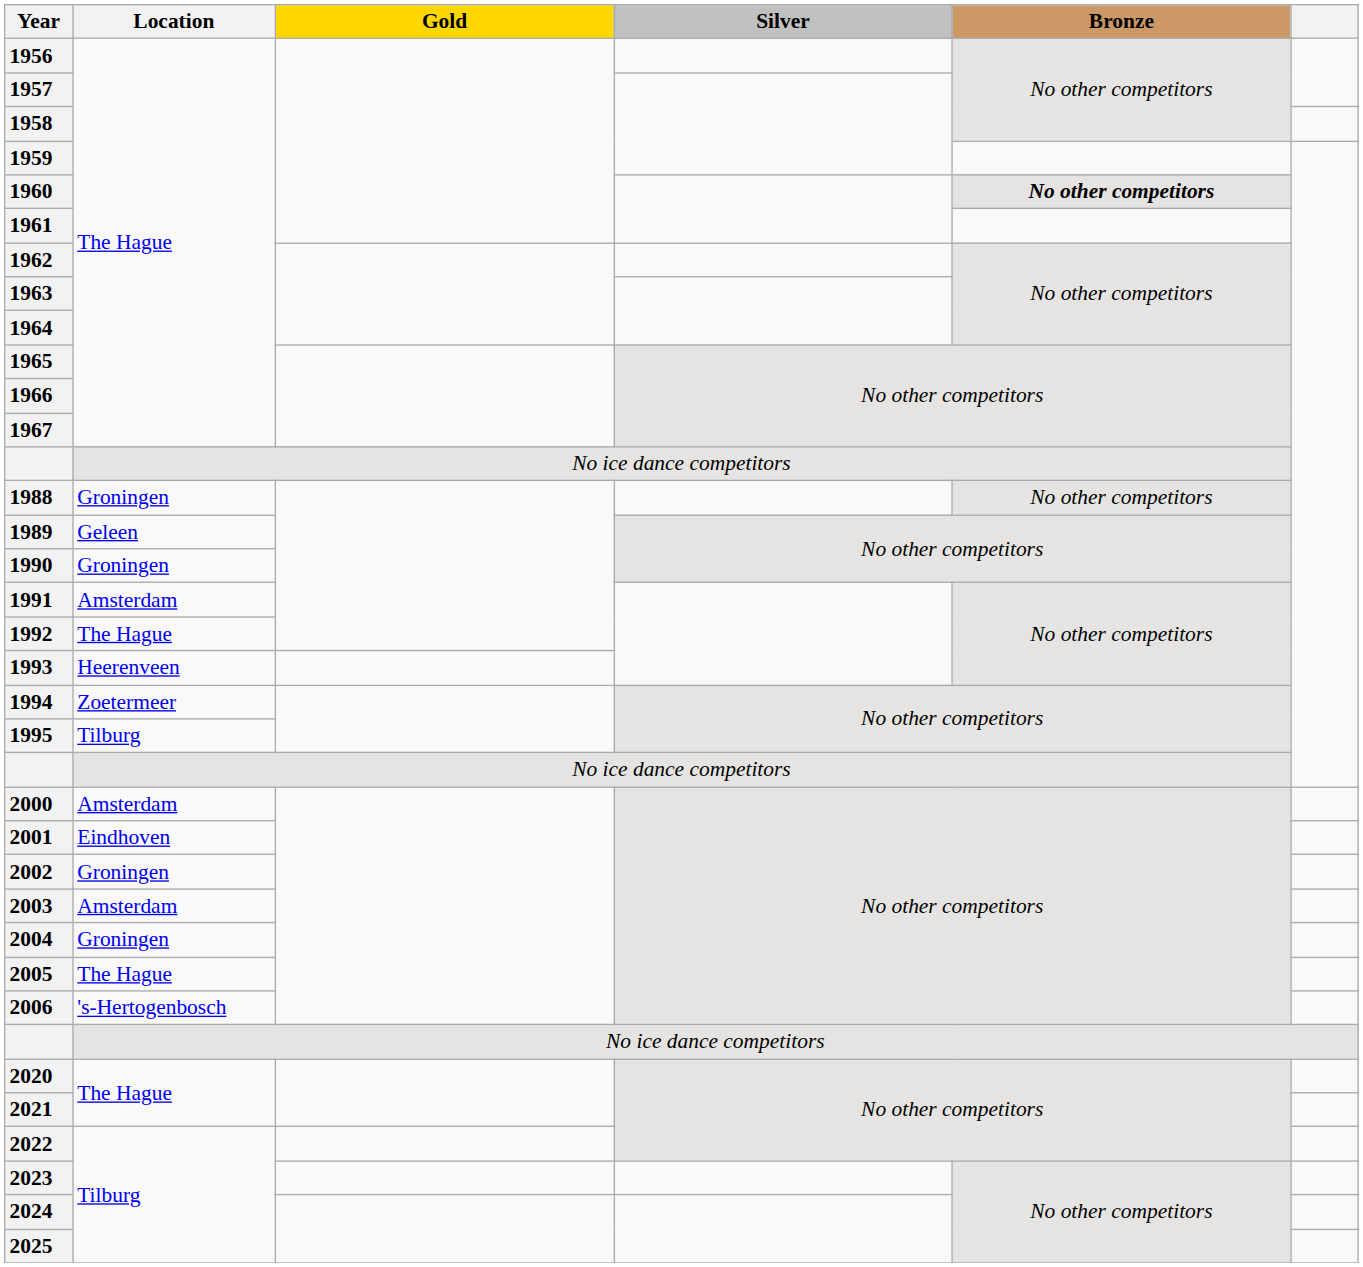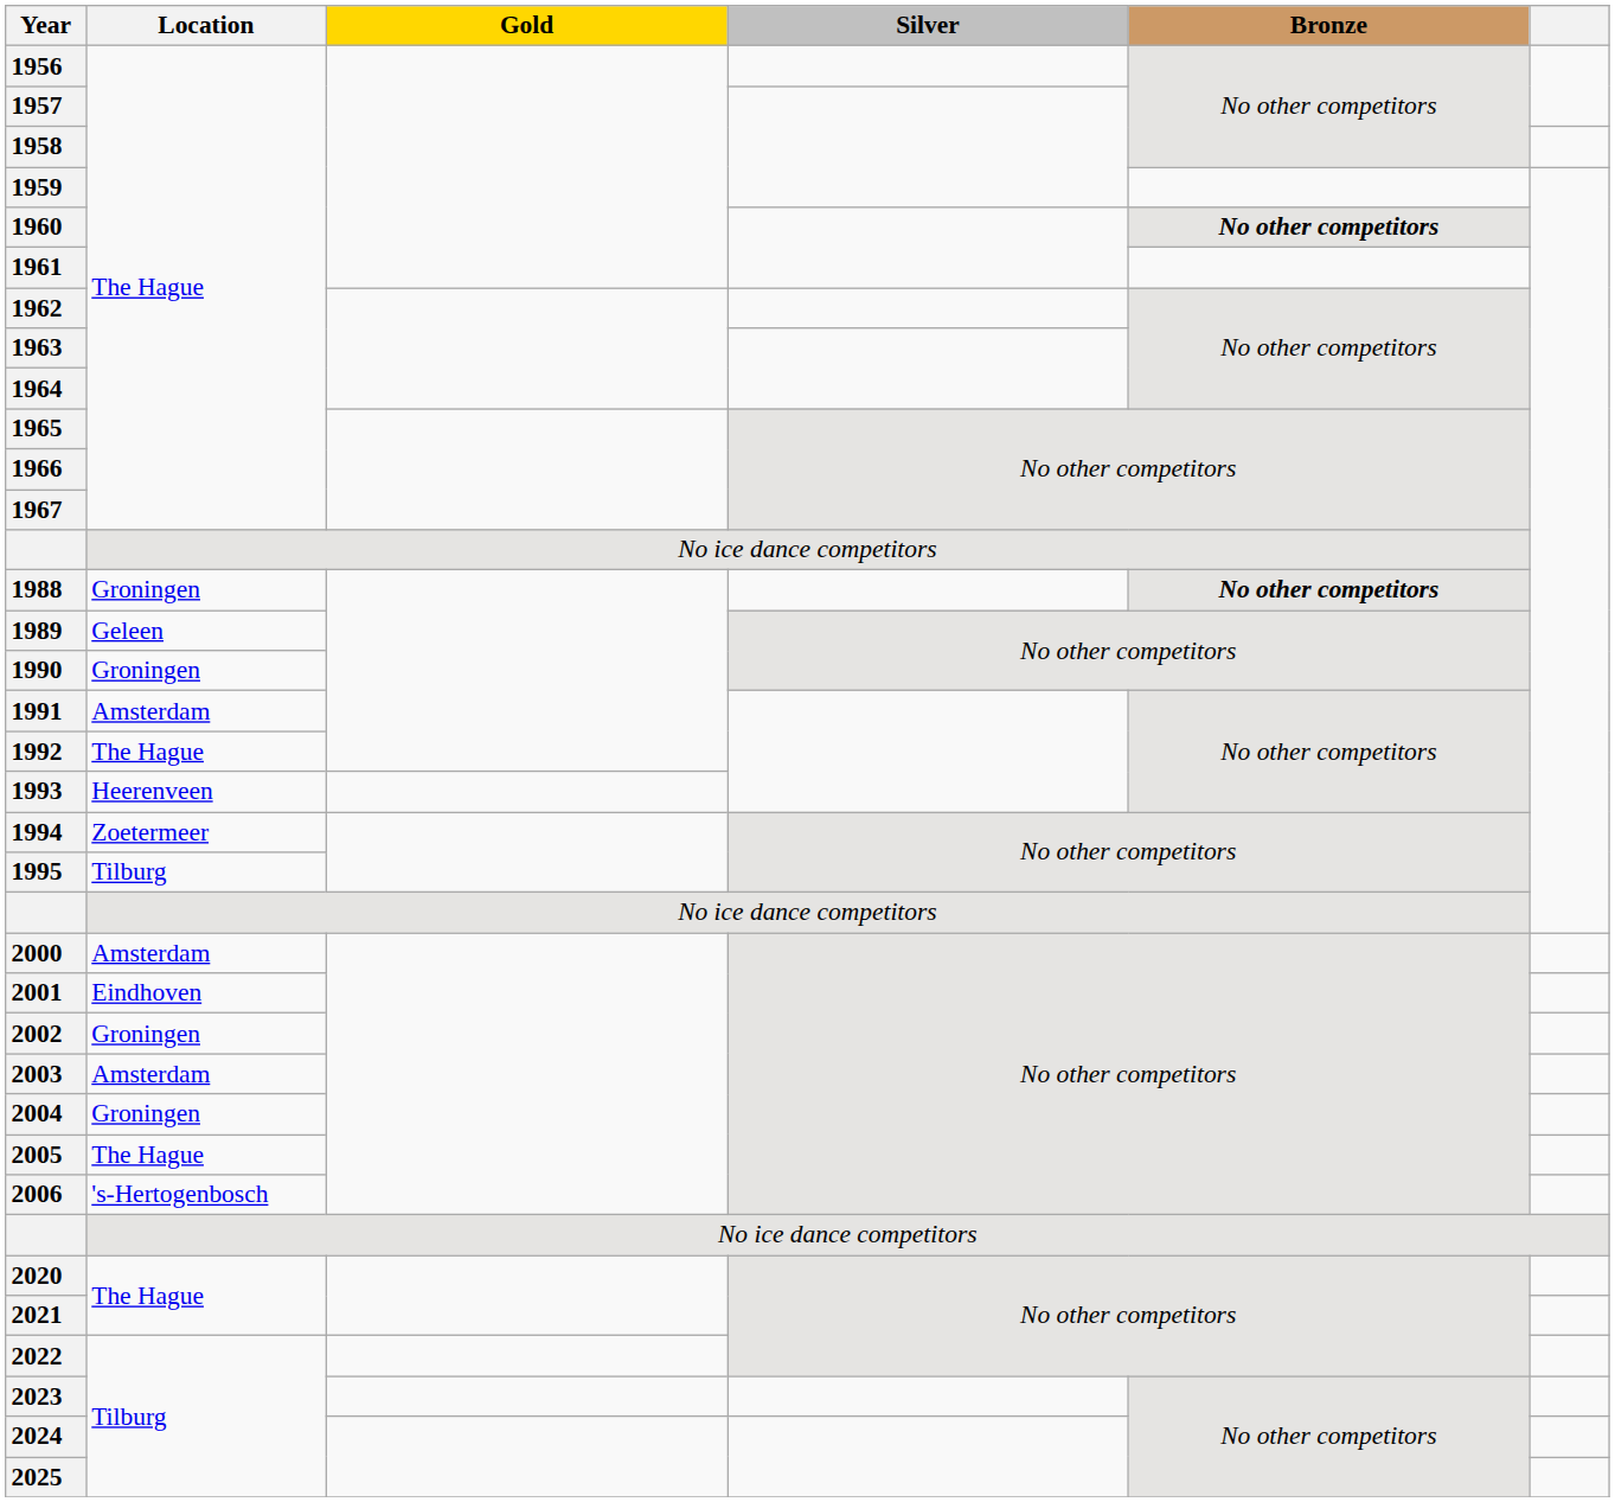 <table class="wikitable unsortable" style="text-align:left; width:80%">
 <tr>
 <th scope="col" style="text-align:center; width:5%">Year</th>
 <th scope="col" style="text-align:center; width:15%">Location</th>
 <th scope="col" style="text-align:center; width:25%; background:gold">Gold</th>
 <th scope="col" style="text-align:center; width:25%; background:silver">Silver</th>
 <th scope="col" style="text-align:center; width:25%; background:#c96">Bronze</th>
 <th scope="col" style="text-align:center; width:5%"></th>
 </tr>
 <tr>
 <th scope="row" style="text-align:left">1956</th>
 <td rowspan="12"><a href='#'>The Hague</a></td>
 <td rowspan="6"></td>
 <td></td>
 <td rowspan="3" align="center" bgcolor="e5e4e2"><em>No other competitors</em></td>
 <td rowspan="2"></td>
 </tr>
 <tr>
 <th scope="row" style="text-align:left">1957</th>
 <td rowspan="3"></td>
 </tr>
 <tr>
 <th scope="row" style="text-align:left">1958</th>
 <td></td>
 </tr>
 <tr>
 <th scope="row" style="text-align:left">1959</th>
 <td></td>
 <td rowspan="19"></td>
 </tr>
 <tr>
 <th scope="row" style="text-align:left">1960</th>
 <td rowspan="2"></td>
 <td bgcolor="e5e4e2" align="center"><strong><em>No other competitors</em></strong></td>
 </tr>
 <tr>
 <th scope="row" style="text-align:left">1961</th>
 <td></td>
 </tr>
 <tr>
 <th scope="row" style="text-align:left">1962</th>
 <td rowspan="3"></td>
 <td></td>
 <td rowspan="3" bgcolor="e5e4e2" align="center"><em>No other competitors</em></td>
 </tr>
 <tr>
 <th scope="row" style="text-align:left">1963</th>
 <td rowspan="2"></td>
 </tr>
 <tr>
 <th scope="row" style="text-align:left">1964</th>
 </tr>
 <tr>
 <th scope="row" style="text-align:left">1965</th>
 <td rowspan="3"></td>
 <td colspan="2" rowspan="3" bgcolor="e5e4e2" align="center"><em>No other competitors</em></td>
 </tr>
 <tr>
 <th scope="row" style="text-align:left">1966</th>
 </tr>
 <tr>
 <th scope="row" style="text-align:left">1967</th>
 </tr>
 <tr>
 <th scope="row" style="text-align:left"></th>
 <td colspan="4" align="center" bgcolor="e5e4e2"><em>No ice dance competitors</em></td>
 </tr>
 <tr>
 <th scope="row" style="text-align:left">1988</th>
 <td><a href='#'>Groningen</a></td>
 <td rowspan="5"></td>
 <td></td>
-<td align="center" bgcolor="e5e4e2"><em>No other competitors</em></td>
+<td align="center" bgcolor="e5e4e2"><strong><em>No other competitors</em></strong></td>
 </tr>
 <tr>
 <th scope="row" style="text-align:left">1989</th>
 <td><a href='#'>Geleen</a></td>
 <td colspan="2" rowspan="2" align="center" bgcolor="e5e4e2"><em>No other competitors</em></td>
 </tr>
 <tr>
 <th scope="row" style="text-align:left">1990</th>
 <td><a href='#'>Groningen</a></td>
 </tr>
 <tr>
 <th scope="row" style="text-align:left">1991</th>
 <td><a href='#'>Amsterdam</a></td>
 <td rowspan="3"></td>
 <td rowspan="3" align="center" bgcolor="e5e4e2"><em>No other competitors</em></td>
 </tr>
 <tr>
 <th scope="row" style="text-align:left">1992</th>
 <td><a href='#'>The Hague</a></td>
 </tr>
 <tr>
 <th scope="row" style="text-align:left">1993</th>
 <td><a href='#'>Heerenveen</a></td>
 <td></td>
 </tr>
 <tr>
 <th scope="row" style="text-align:left">1994</th>
 <td><a href='#'>Zoetermeer</a></td>
 <td rowspan="2"></td>
 <td colspan="2" rowspan="2" align="center" bgcolor="e5e4e2"><em>No other competitors</em></td>
 </tr>
 <tr>
 <th scope="row" style="text-align:left">1995</th>
 <td><a href='#'>Tilburg</a></td>
 </tr>
 <tr>
 <th scope="row" style="text-align:left"></th>
 <td colspan="4" align="center" bgcolor="e5e4e2"><em>No ice dance competitors</em></td>
 </tr>
 <tr>
 <th scope="row" style="text-align:left">2000</th>
 <td><a href='#'>Amsterdam</a></td>
 <td rowspan="7"></td>
 <td colspan="2" rowspan="7" align="center" bgcolor="e5e4e2"><em>No other competitors</em></td>
 <td></td>
 </tr>
 <tr>
 <th scope="row" style="text-align:left">2001</th>
 <td><a href='#'>Eindhoven</a></td>
 <td></td>
 </tr>
 <tr>
 <th scope="row" style="text-align:left">2002</th>
 <td><a href='#'>Groningen</a></td>
 <td></td>
 </tr>
 <tr>
 <th scope="row" style="text-align:left">2003</th>
 <td><a href='#'>Amsterdam</a></td>
 <td></td>
 </tr>
 <tr>
 <th scope="row" style="text-align:left">2004</th>
 <td><a href='#'>Groningen</a></td>
 <td></td>
 </tr>
 <tr>
 <th scope="row" style="text-align:left">2005</th>
 <td><a href='#'>The Hague</a></td>
 <td></td>
 </tr>
 <tr>
 <th scope="row" style="text-align:left">2006</th>
 <td><a href='#'>'s-Hertogenbosch</a></td>
 <td></td>
 </tr>
 <tr>
 <th scope="row" style="text-align:left"></th>
 <td colspan="5" align="center" bgcolor="e5e4e2"><em>No ice dance competitors</em></td>
 </tr>
 <tr>
 <th scope="row" style="text-align:left">2020</th>
 <td rowspan="2"><a href='#'>The Hague</a></td>
 <td rowspan="2"></td>
 <td colspan="2" rowspan="3" align="center" bgcolor="e5e4e2"><em>No other competitors</em></td>
 <td></td>
 </tr>
 <tr>
 <th scope="row" style="text-align:left">2021</th>
 <td></td>
 </tr>
 <tr>
 <th scope="row" style="text-align:left">2022</th>
 <td rowspan="4"><a href='#'>Tilburg</a></td>
 <td></td>
 <td></td>
 </tr>
 <tr>
 <th scope="row" style="text-align:left">2023</th>
 <td></td>
 <td></td>
 <td rowspan="3" align="center" bgcolor="e5e4e2"><em>No other competitors</em></td>
 <td></td>
 </tr>
 <tr>
 <th scope="row" style="text-align:left">2024</th>
 <td rowspan="2"></td>
 <td rowspan="2"></td>
 <td></td>
 </tr>
 <tr>
 <th scope="row" style="text-align:left">2025</th>
 <td></td>
 </tr>
 </table>
